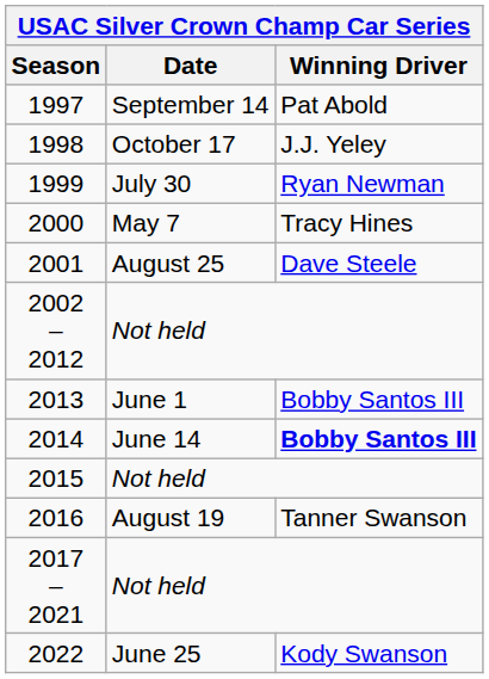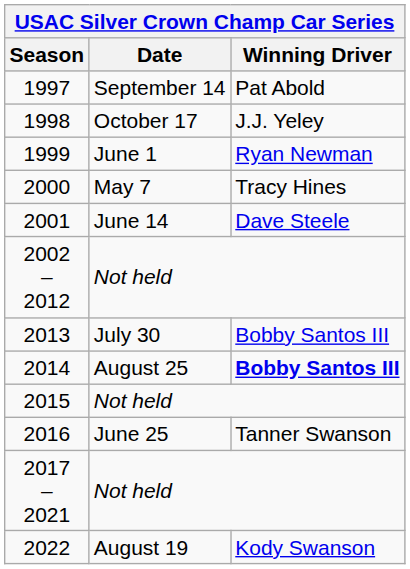 <table class="wikitable" style="font-size: 95%;">
 <tr>
 <th colspan="3"><a href='#'>USAC Silver Crown Champ Car Series</a></th>
 </tr>
 <tr>
 <th>Season</th>
 <th>Date</th>
 <th>Winning Driver</th>
 </tr>
 <tr>
 <td align=center>1997</td>
 <td>September 14</td>
 <td> Pat Abold</td>
 </tr>
 <tr>
 <td align=center>1998</td>
 <td>October 17</td>
 <td> J.J. Yeley</td>
 </tr>
 <tr>
 <td align=center>1999</td>
-<td>July 30</td>
+<td>June 1</td>
 <td> <a href='#'>Ryan Newman</a></td>
 </tr>
 <tr>
 <td align=center>2000</td>
 <td>May 7</td>
 <td> Tracy Hines</td>
 </tr>
 <tr>
 <td align=center>2001</td>
-<td>August 25</td>
+<td>June 14</td>
 <td> <a href='#'>Dave Steele</a></td>
 </tr>
 <tr>
 <td align=center>2002<br>–<br>2012</td>
 <td colspan=2><em>Not held</em></td>
 </tr>
 <tr>
 <td align=center>2013</td>
-<td>June 1</td>
+<td>July 30</td>
 <td> <a href='#'>Bobby Santos III</a></td>
 </tr>
 <tr>
 <td align=center>2014</td>
-<td>June 14</td>
+<td>August 25</td>
 <td><strong> <a href='#'>Bobby Santos III</a></strong></td>
 </tr>
 <tr>
 <td align=center>2015</td>
 <td colspan=2><em>Not held</em></td>
 </tr>
 <tr>
 <td align=center>2016</td>
-<td>August 19</td>
+<td>June 25</td>
 <td> Tanner Swanson</td>
 </tr>
 <tr>
 <td align=center>2017<br>–<br>2021</td>
 <td colspan=2><em>Not held</em></td>
 </tr>
 <tr>
 <td align=center>2022</td>
-<td>June 25</td>
+<td>August 19</td>
 <td> <a href='#'>Kody Swanson</a></td>
 </tr>
 </table>
